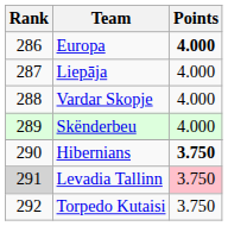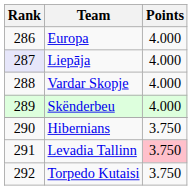 <table class="wikitable" style="text-align: center;">
 <tr>
 <th>Rank</th>
 <th>Team</th>
 <th>Points</th>
 </tr>
 <tr>
 <td>286</td>
 <td align=left> <a href='#'>Europa</a></td>
-<td><strong>4.000</strong></td>
+<td>4.000</td>
 </tr>
 <tr>
-<td>287</td>
+<td style="background: lavender;">287</td>
 <td align=left> <a href='#'>Liepāja</a></td>
 <td>4.000</td>
 </tr>
 <tr>
 <td>288</td>
 <td align=left> <a href='#'>Vardar Skopje</a></td>
 <td>4.000</td>
 </tr>
 <tr bgcolor="#ddffdd">
 <td>289</td>
 <td align=left> <a href='#'>Skënderbeu</a></td>
 <td>4.000</td>
 </tr>
 <tr bgcolor="#ddffdd">
 </tr>
 <tr>
 <td>290</td>
 <td align=left> <a href='#'>Hibernians</a></td>
-<td><strong>3.750</strong></td>
+<td>3.750</td>
 </tr>
 <tr>
-<td style="background: lightgrey;">291</td>
+<td>291</td>
 <td align=left> <a href='#'>Levadia Tallinn</a></td>
 <td style="background: pink;">3.750</td>
 </tr>
 <tr>
 <td>292</td>
 <td align=left> <a href='#'>Torpedo Kutaisi</a></td>
 <td>3.750</td>
 </tr>
 </table>
